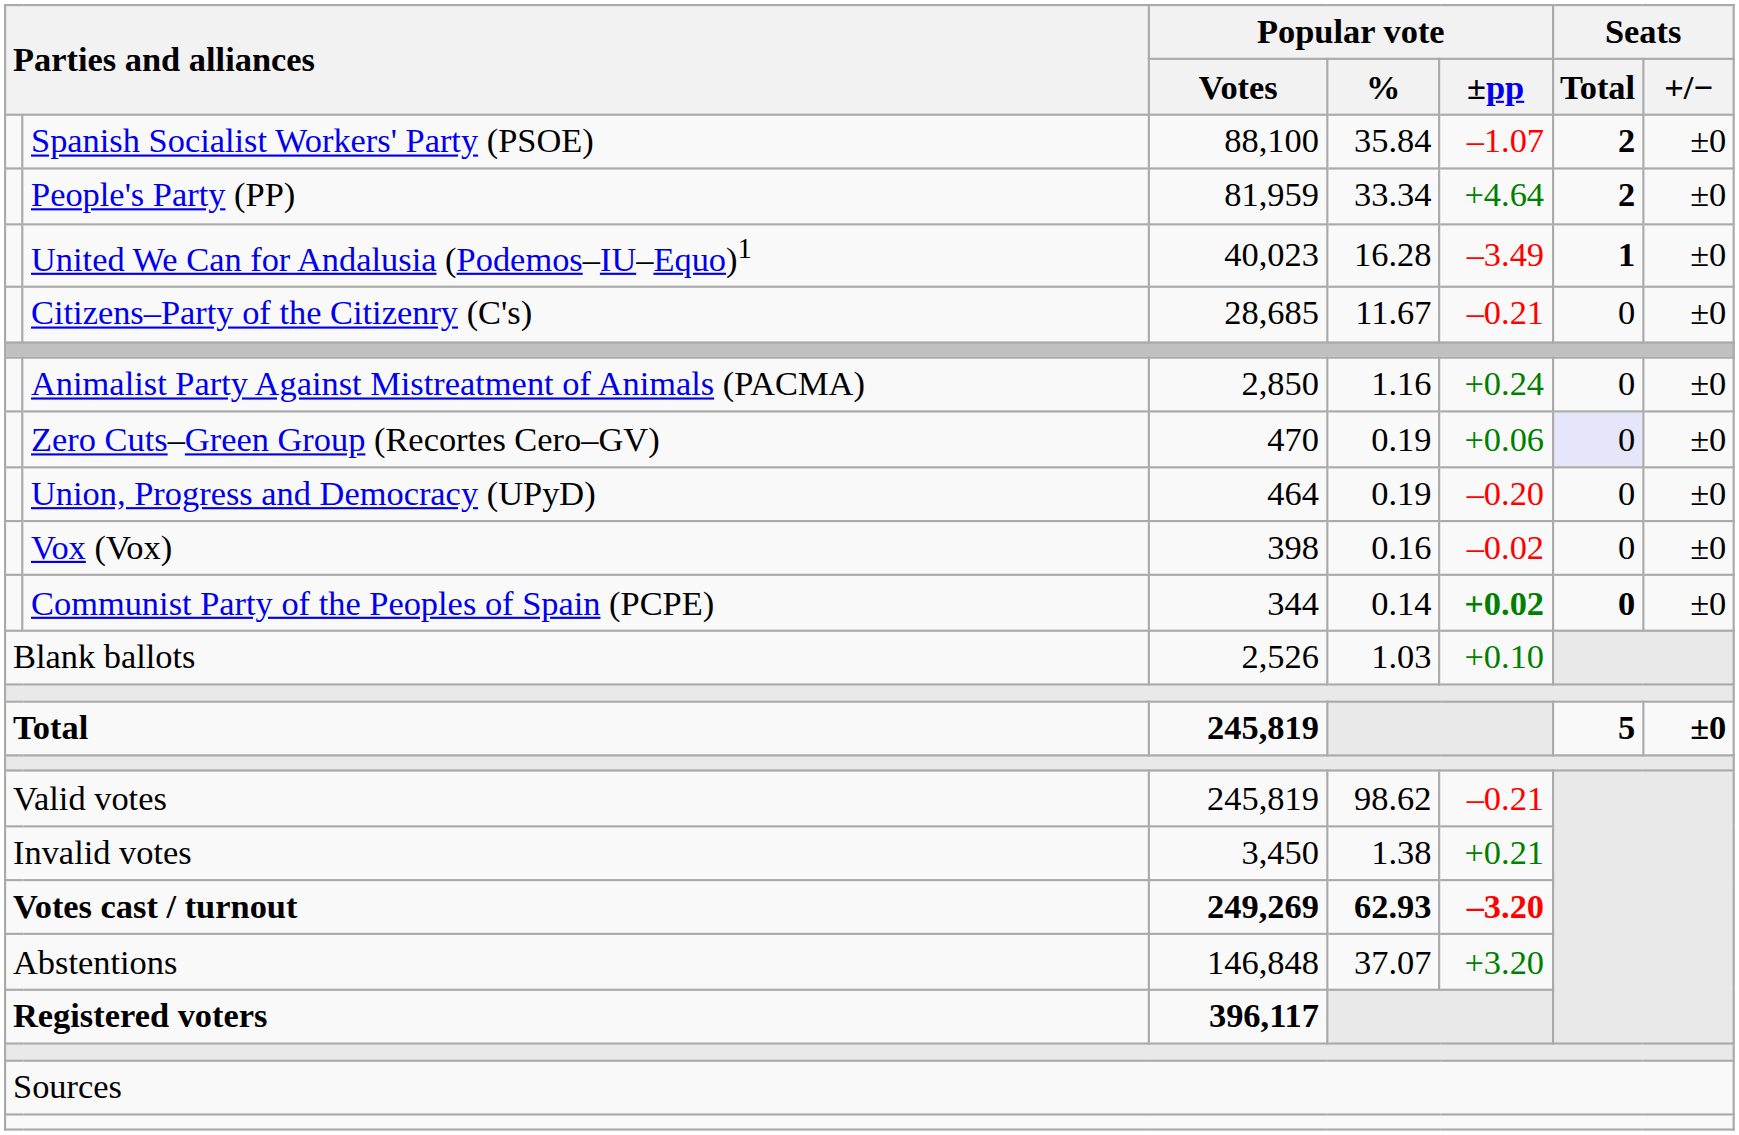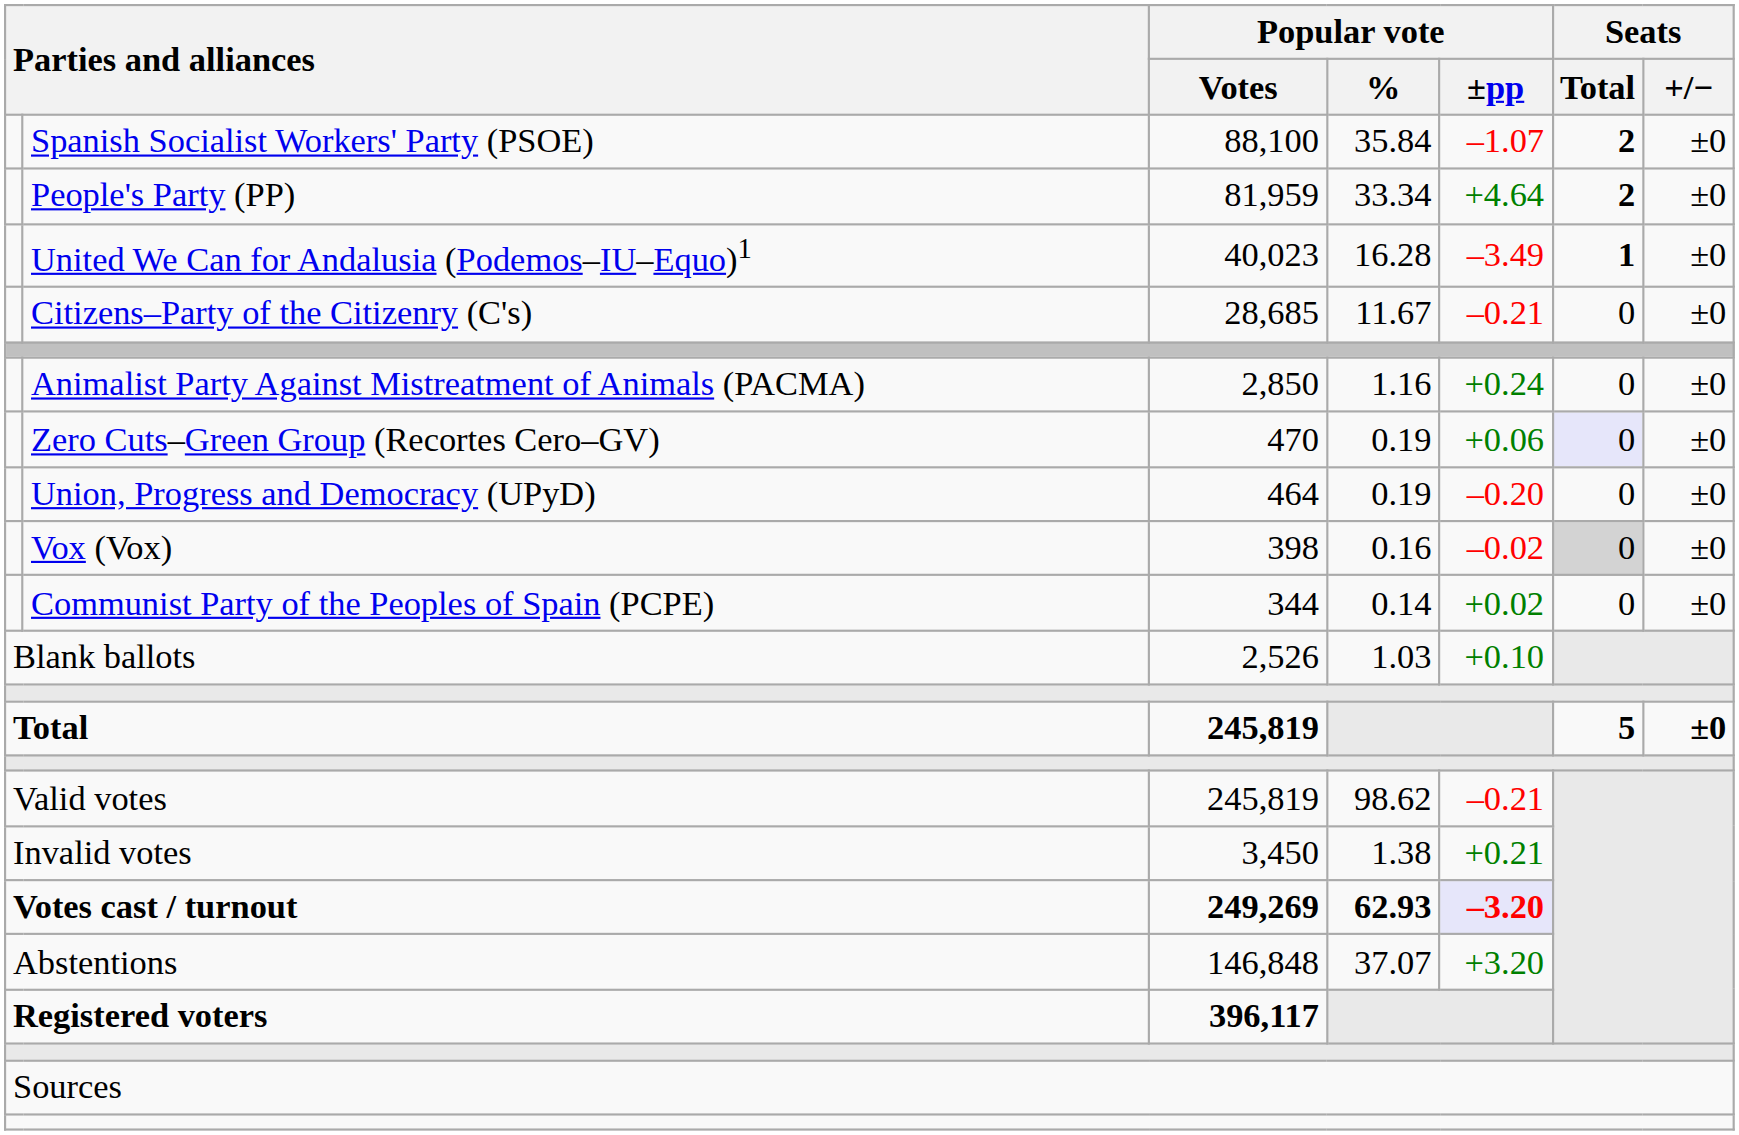 <table class="wikitable" style="text-align:right;">
 <tr>
 <th style="text-align:left;" rowspan="2" colspan="2" width="525">Parties and alliances</th>
 <th colspan="3">Popular vote</th>
 <th colspan="2">Seats</th>
 </tr>
 <tr>
 <th width="75">Votes</th>
 <th width="45">%</th>
 <th width="45">±<a href='#'>pp</a></th>
 <th width="35">Total</th>
 <th width="35">+/−</th>
 </tr>
 <tr>
 <td width="1" style="color:inherit;background:"></td>
 <td align="left"><a href='#'>Spanish Socialist Workers' Party</a> (PSOE)</td>
 <td>88,100</td>
 <td>35.84</td>
 <td style="color:red;">–1.07</td>
 <td><strong>2</strong></td>
 <td>±0</td>
 </tr>
 <tr>
 <td style="color:inherit;background:"></td>
 <td align="left"><a href='#'>People's Party</a> (PP)</td>
 <td>81,959</td>
 <td>33.34</td>
 <td style="color:green;">+4.64</td>
 <td><strong>2</strong></td>
 <td>±0</td>
 </tr>
 <tr>
 <td style="color:inherit;background:"></td>
 <td align="left"><a href='#'>United We Can for Andalusia</a> (<a href='#'>Podemos</a>–<a href='#'>IU</a>–<a href='#'>Equo</a>)<sup>1</sup></td>
 <td>40,023</td>
 <td>16.28</td>
 <td style="color:red;">–3.49</td>
 <td><strong>1</strong></td>
 <td>±0</td>
 </tr>
 <tr>
 <td style="color:inherit;background:"></td>
 <td align="left"><a href='#'>Citizens–Party of the Citizenry</a> (C's)</td>
 <td>28,685</td>
 <td>11.67</td>
 <td style="color:red;">–0.21</td>
 <td>0</td>
 <td>±0</td>
 </tr>
 <tr>
 <td colspan="7" bgcolor="#C0C0C0"></td>
 </tr>
 <tr>
 <td style="color:inherit;background:"></td>
 <td align="left"><a href='#'>Animalist Party Against Mistreatment of Animals</a> (PACMA)</td>
 <td>2,850</td>
 <td>1.16</td>
 <td style="color:green;">+0.24</td>
 <td>0</td>
 <td>±0</td>
 </tr>
 <tr>
 <td style="color:inherit;background:"></td>
 <td align="left"><a href='#'>Zero Cuts</a>–<a href='#'>Green Group</a> (Recortes Cero–GV)</td>
 <td>470</td>
 <td>0.19</td>
 <td style="color:green;">+0.06</td>
 <td style="background: lavender;">0</td>
 <td>±0</td>
 </tr>
 <tr>
 <td style="color:inherit;background:"></td>
 <td align="left"><a href='#'>Union, Progress and Democracy</a> (UPyD)</td>
 <td>464</td>
 <td>0.19</td>
 <td style="color:red;">–0.20</td>
 <td>0</td>
 <td>±0</td>
 </tr>
 <tr>
 <td style="color:inherit;background:"></td>
 <td align="left"><a href='#'>Vox</a> (Vox)</td>
 <td>398</td>
 <td>0.16</td>
 <td style="color:red;">–0.02</td>
-<td>0</td>
+<td style="background: lightgrey;">0</td>
 <td>±0</td>
 </tr>
 <tr>
 <td style="color:inherit;background:"></td>
 <td align="left"><a href='#'>Communist Party of the Peoples of Spain</a> (PCPE)</td>
 <td>344</td>
 <td>0.14</td>
-<td style="color:green;"><strong>+0.02</strong></td>
-<td><strong>0</strong></td>
+<td style="color:green;">+0.02</td>
+<td>0</td>
 <td>±0</td>
 </tr>
 <tr>
 <td align="left" colspan="2">Blank ballots</td>
 <td>2,526</td>
 <td>1.03</td>
 <td style="color:green;">+0.10</td>
 <td bgcolor="#E9E9E9" colspan="2"></td>
 </tr>
 <tr>
 <td colspan="7" bgcolor="#E9E9E9"></td>
 </tr>
 <tr style="font-weight:bold;">
 <td align="left" colspan="2">Total</td>
 <td>245,819</td>
 <td bgcolor="#E9E9E9" colspan="2"></td>
 <td>5</td>
 <td>±0</td>
 </tr>
 <tr>
 <td colspan="7" bgcolor="#E9E9E9"></td>
 </tr>
 <tr>
 <td align="left" colspan="2">Valid votes</td>
 <td>245,819</td>
 <td>98.62</td>
 <td style="color:red;">–0.21</td>
 <td bgcolor="#E9E9E9" colspan="2" rowspan="5"></td>
 </tr>
 <tr>
 <td align="left" colspan="2">Invalid votes</td>
 <td>3,450</td>
 <td>1.38</td>
 <td style="color:green;">+0.21</td>
 </tr>
 <tr style="font-weight:bold;">
 <td align="left" colspan="2">Votes cast / turnout</td>
 <td>249,269</td>
 <td>62.93</td>
-<td style="color:red;">–3.20</td>
+<td style="background: lavender; color:red;">–3.20</td>
 </tr>
 <tr>
 <td align="left" colspan="2">Abstentions</td>
 <td>146,848</td>
 <td>37.07</td>
 <td style="color:green;">+3.20</td>
 </tr>
 <tr style="font-weight:bold;">
 <td align="left" colspan="2">Registered voters</td>
 <td>396,117</td>
 <td bgcolor="#E9E9E9" colspan="2"></td>
 </tr>
 <tr>
 <td colspan="7" bgcolor="#E9E9E9"></td>
 </tr>
 <tr>
 <td align="left" colspan="7">Sources</td>
 </tr>
 <tr>
 <td colspan="7" style="text-align:left; max-width:790px;"></td>
 </tr>
 </table>
